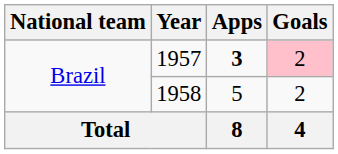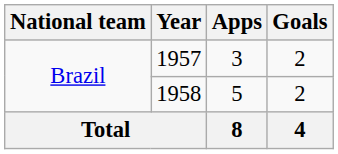 <table class="wikitable" style="text-align:center">
 <tr>
 <th>National team</th>
 <th>Year</th>
 <th>Apps</th>
 <th>Goals</th>
 </tr>
 <tr>
 <td rowspan="2"><a href='#'>Brazil</a></td>
 <td>1957</td>
-<td><strong>3</strong></td>
-<td style="background: pink;">2</td>
+<td>3</td>
+<td>2</td>
 </tr>
 <tr>
 <td>1958</td>
 <td>5</td>
 <td>2</td>
 </tr>
 <tr>
 <th colspan="2">Total</th>
 <th>8</th>
 <th>4</th>
 </tr>
 </table>
